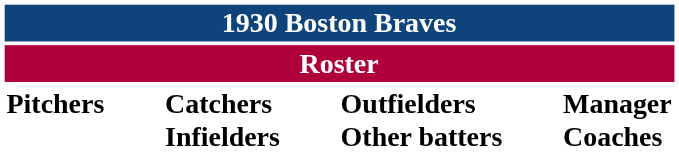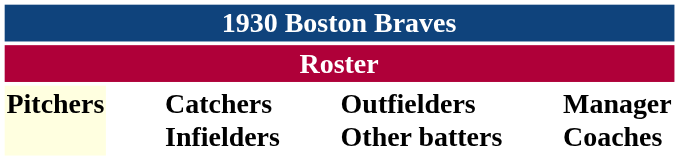 <table class="toccolours" style="font-size: 95%;">
 <tr>
 <th colspan="10" style="background-color: #0f437c; color: white; text-align: center;">1930 Boston Braves</th>
 </tr>
 <tr>
 <td colspan="10" style="background-color: #af0039; color: white; text-align: center;"><strong>Roster</strong></td>
 </tr>
 <tr>
-<td valign="top"><strong>Pitchers</strong><br>           </td>
+<td valign="top" style="background: lightyellow;"><strong>Pitchers</strong><br>           </td>
 <td width="25px"></td>
 <td valign="top"><strong>Catchers</strong><br>   <strong>Infielders</strong>         </td>
 <td width="25px"></td>
 <td valign="top"><strong>Outfielders</strong><br>       <strong>Other batters</strong> </td>
 <td width="25px"></td>
 <td valign="top"><strong>Manager</strong><br> <strong>Coaches</strong>  </td>
 </tr>
 </table>
